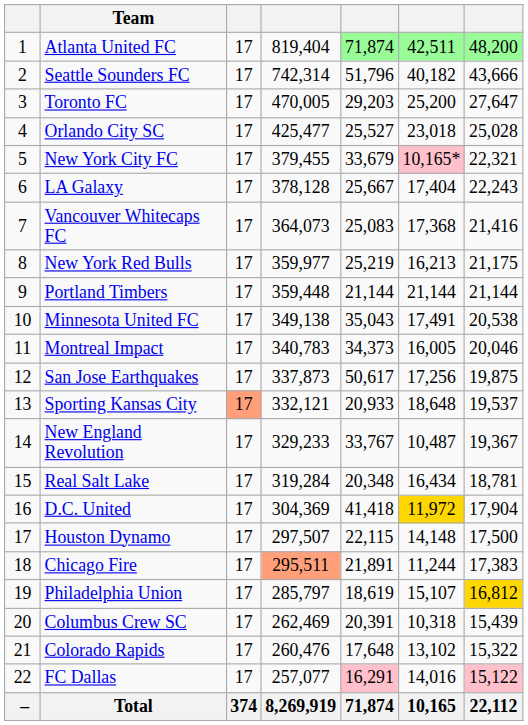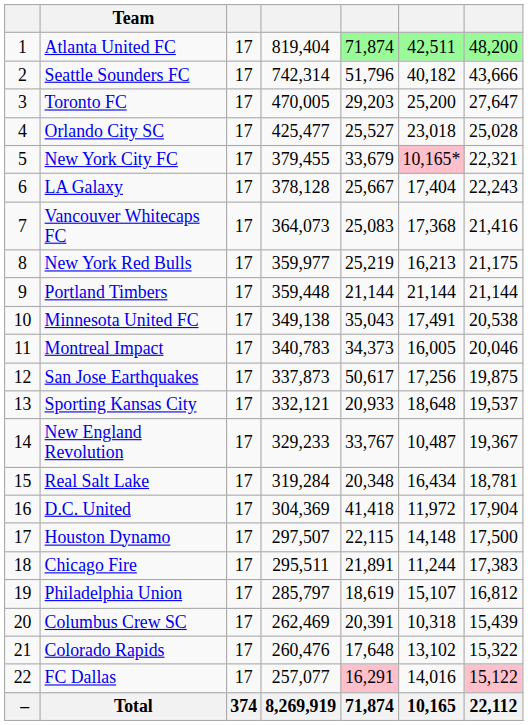 <table class="wikitable sortable">
 <tr>
 <th width=25></th>
 <th width=160>Team</th>
 <th></th>
 <th width=45></th>
 <th width=45></th>
 <th width=45></th>
 <th width=45></th>
 </tr>
 <tr>
 <td align=center>1</td>
 <td><a href='#'>Atlanta United FC</a></td>
 <td align="center">17</td>
 <td align="center">819,404</td>
 <td align=center bgcolor="#98FB98">71,874</td>
 <td align=center bgcolor="#98FB98">42,511</td>
 <td align=center bgcolor="#98FB98">48,200</td>
 </tr>
 <tr>
 <td align=center>2</td>
 <td><a href='#'>Seattle Sounders FC</a></td>
 <td align="center">17</td>
 <td align="center">742,314</td>
 <td align="center">51,796</td>
 <td align="center">40,182</td>
 <td align="center">43,666</td>
 </tr>
 <tr>
 <td align=center>3</td>
 <td><a href='#'>Toronto FC</a></td>
 <td align="center">17</td>
 <td align="center">470,005</td>
 <td align="center">29,203</td>
 <td align="center">25,200</td>
 <td align="center">27,647</td>
 </tr>
 <tr>
 <td align=center>4</td>
 <td><a href='#'>Orlando City SC</a></td>
 <td align="center">17</td>
 <td align="center">425,477</td>
 <td align="center">25,527</td>
 <td align="center">23,018</td>
 <td align="center">25,028</td>
 </tr>
 <tr>
 <td align=center>5</td>
 <td><a href='#'>New York City FC</a></td>
 <td align="center">17</td>
 <td align="center">379,455</td>
 <td align="center">33,679</td>
 <td align=center  bgcolor="#FFC0CB">10,165*</td>
 <td align="center">22,321</td>
 </tr>
 <tr>
 <td align=center>6</td>
 <td><a href='#'>LA Galaxy</a></td>
 <td align="center">17</td>
 <td align="center">378,128</td>
 <td align="center">25,667</td>
 <td align="center">17,404</td>
 <td align="center">22,243</td>
 </tr>
 <tr>
 <td align=center>7</td>
 <td><a href='#'>Vancouver Whitecaps FC</a></td>
 <td align="center">17</td>
 <td align="center">364,073</td>
 <td align="center">25,083</td>
 <td align="center">17,368</td>
 <td align="center">21,416</td>
 </tr>
 <tr>
 <td align=center>8</td>
 <td><a href='#'>New York Red Bulls</a></td>
 <td align="center">17</td>
 <td align="center">359,977</td>
 <td align="center">25,219</td>
 <td align="center">16,213</td>
 <td align="center">21,175</td>
 </tr>
 <tr>
 <td align=center>9</td>
 <td><a href='#'>Portland Timbers</a></td>
 <td align="center">17</td>
 <td align="center">359,448</td>
 <td align="center">21,144</td>
 <td align="center">21,144</td>
 <td align="center">21,144</td>
 </tr>
 <tr>
 <td align=center>10</td>
 <td><a href='#'>Minnesota United FC</a></td>
 <td align="center">17</td>
 <td align="center">349,138</td>
 <td align="center">35,043</td>
 <td align="center">17,491</td>
 <td align="center">20,538</td>
 </tr>
 <tr>
 <td align=center>11</td>
 <td><a href='#'>Montreal Impact</a></td>
 <td align="center">17</td>
 <td align="center">340,783</td>
 <td align="center">34,373</td>
 <td align="center">16,005</td>
 <td align="center">20,046</td>
 </tr>
 <tr>
 <td align=center>12</td>
 <td><a href='#'>San Jose Earthquakes</a></td>
 <td align="center">17</td>
 <td align="center">337,873</td>
 <td align="center">50,617</td>
 <td align="center">17,256</td>
 <td align="center">19,875</td>
 </tr>
 <tr>
 <td align=center>13</td>
 <td><a href='#'>Sporting Kansas City</a></td>
-<td align="center" style="background: lightsalmon;">17</td>
+<td align="center">17</td>
 <td align="center">332,121</td>
 <td align="center">20,933</td>
 <td align="center">18,648</td>
 <td align="center">19,537</td>
 </tr>
 <tr>
 <td align=center>14</td>
 <td><a href='#'>New England Revolution</a></td>
 <td align="center">17</td>
 <td align="center">329,233</td>
 <td align="center">33,767</td>
 <td align="center">10,487</td>
 <td align="center">19,367</td>
 </tr>
 <tr>
 <td align=center>15</td>
 <td><a href='#'>Real Salt Lake</a></td>
 <td align="center">17</td>
 <td align="center">319,284</td>
 <td align="center">20,348</td>
 <td align="center">16,434</td>
 <td align="center">18,781</td>
 </tr>
 <tr>
 <td align=center>16</td>
 <td><a href='#'>D.C. United</a></td>
 <td align="center">17</td>
 <td align="center">304,369</td>
 <td align="center">41,418</td>
-<td align="center" style="background: gold;">11,972</td>
+<td align="center">11,972</td>
 <td align="center">17,904</td>
 </tr>
 <tr>
 <td align=center>17</td>
 <td><a href='#'>Houston Dynamo</a></td>
 <td align="center">17</td>
 <td align="center">297,507</td>
 <td align="center">22,115</td>
 <td align="center">14,148</td>
 <td align="center">17,500</td>
 </tr>
 <tr>
 <td align=center>18</td>
 <td><a href='#'>Chicago Fire</a></td>
 <td align="center">17</td>
-<td align="center" style="background: lightsalmon;">295,511</td>
+<td align="center">295,511</td>
 <td align="center">21,891</td>
 <td align="center">11,244</td>
 <td align="center">17,383</td>
 </tr>
 <tr>
 <td align=center>19</td>
 <td><a href='#'>Philadelphia Union</a></td>
 <td align="center">17</td>
 <td align="center">285,797</td>
 <td align="center">18,619</td>
 <td align="center">15,107</td>
-<td align="center" style="background: gold;">16,812</td>
+<td align="center">16,812</td>
 </tr>
 <tr>
 <td align=center>20</td>
 <td><a href='#'>Columbus Crew SC</a></td>
 <td align="center">17</td>
 <td align="center">262,469</td>
 <td align="center">20,391</td>
 <td align="center">10,318</td>
 <td align="center">15,439</td>
 </tr>
 <tr>
 <td align=center>21</td>
 <td><a href='#'>Colorado Rapids</a></td>
 <td align="center">17</td>
 <td align="center">260,476</td>
 <td align="center">17,648</td>
 <td align="center">13,102</td>
 <td align="center">15,322</td>
 </tr>
 <tr>
 <td align=center>22</td>
 <td><a href='#'>FC Dallas</a></td>
 <td align="center">17</td>
 <td align="center">257,077</td>
 <td align=center  bgcolor="#FFC0CB">16,291</td>
 <td align="center">14,016</td>
 <td align=center  bgcolor="#FFC0CB">15,122</td>
 </tr>
 <tr>
 <th align=center> –</th>
 <th>Total</th>
 <th align=center>374</th>
 <th align=center>8,269,919</th>
 <th align=center>71,874</th>
 <th align=center>10,165</th>
 <th align=center>22,112</th>
 </tr>
 </table>
